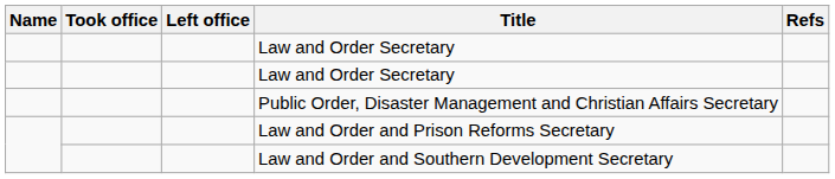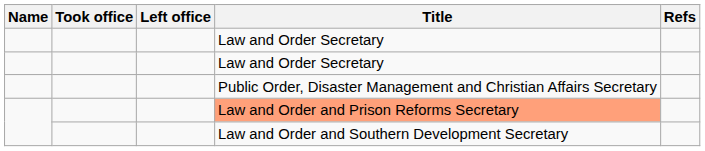 <table class="wikitable plainrowheaders sortable" style="font-size:90%; text-align:left;">
 <tr>
 <th scope=col>Name</th>
 <th scope=col>Took office</th>
 <th scope=col>Left office</th>
 <th scope=col>Title</th>
 <th scope=col class=unsortable>Refs</th>
 </tr>
 <tr>
 <td></td>
 <td align=center></td>
 <td align=center></td>
 <td>Law and Order Secretary</td>
 <td align=center></td>
 </tr>
 <tr>
 <td></td>
 <td align=center></td>
 <td align=center></td>
 <td>Law and Order Secretary</td>
 <td align=center></td>
 </tr>
 <tr>
 <td></td>
 <td align=center></td>
 <td align=center></td>
 <td>Public Order, Disaster Management and Christian Affairs Secretary</td>
 <td align=center></td>
 </tr>
 <tr>
 <td rowspan=2></td>
 <td align=center></td>
 <td align=center></td>
-<td>Law and Order and Prison Reforms Secretary</td>
+<td style="background: lightsalmon;">Law and Order and Prison Reforms Secretary</td>
 <td align=center></td>
 </tr>
 <tr>
 <td align=center></td>
 <td align=center></td>
 <td>Law and Order and Southern Development Secretary</td>
 <td align=center></td>
 </tr>
 </table>
